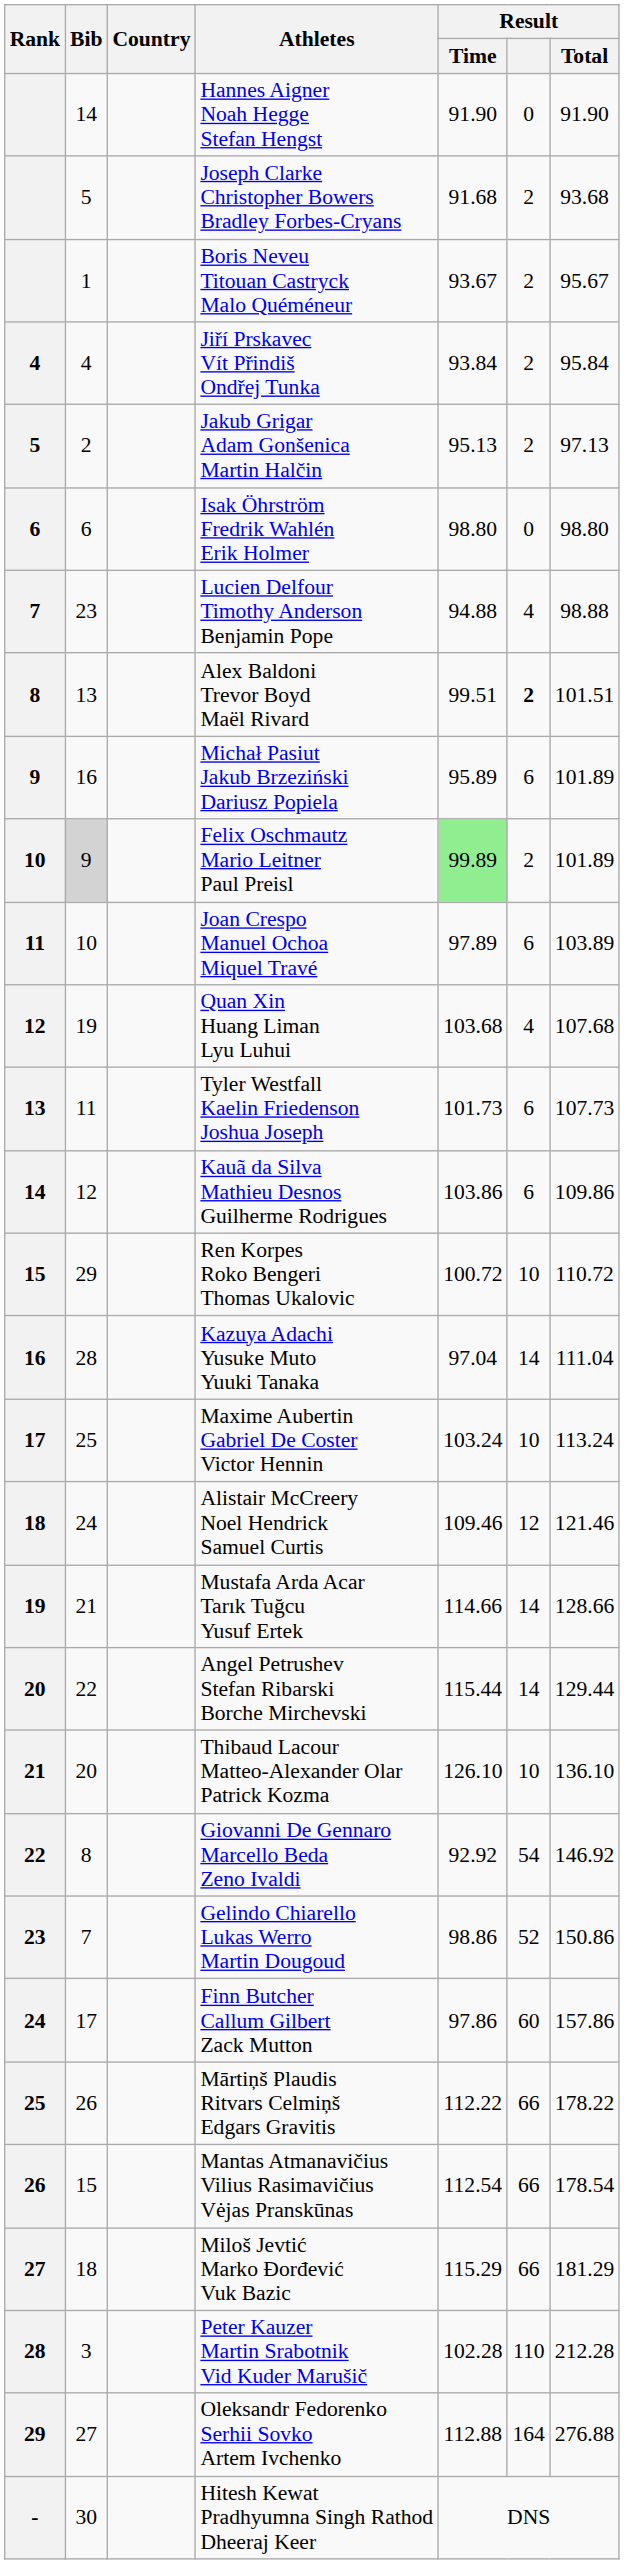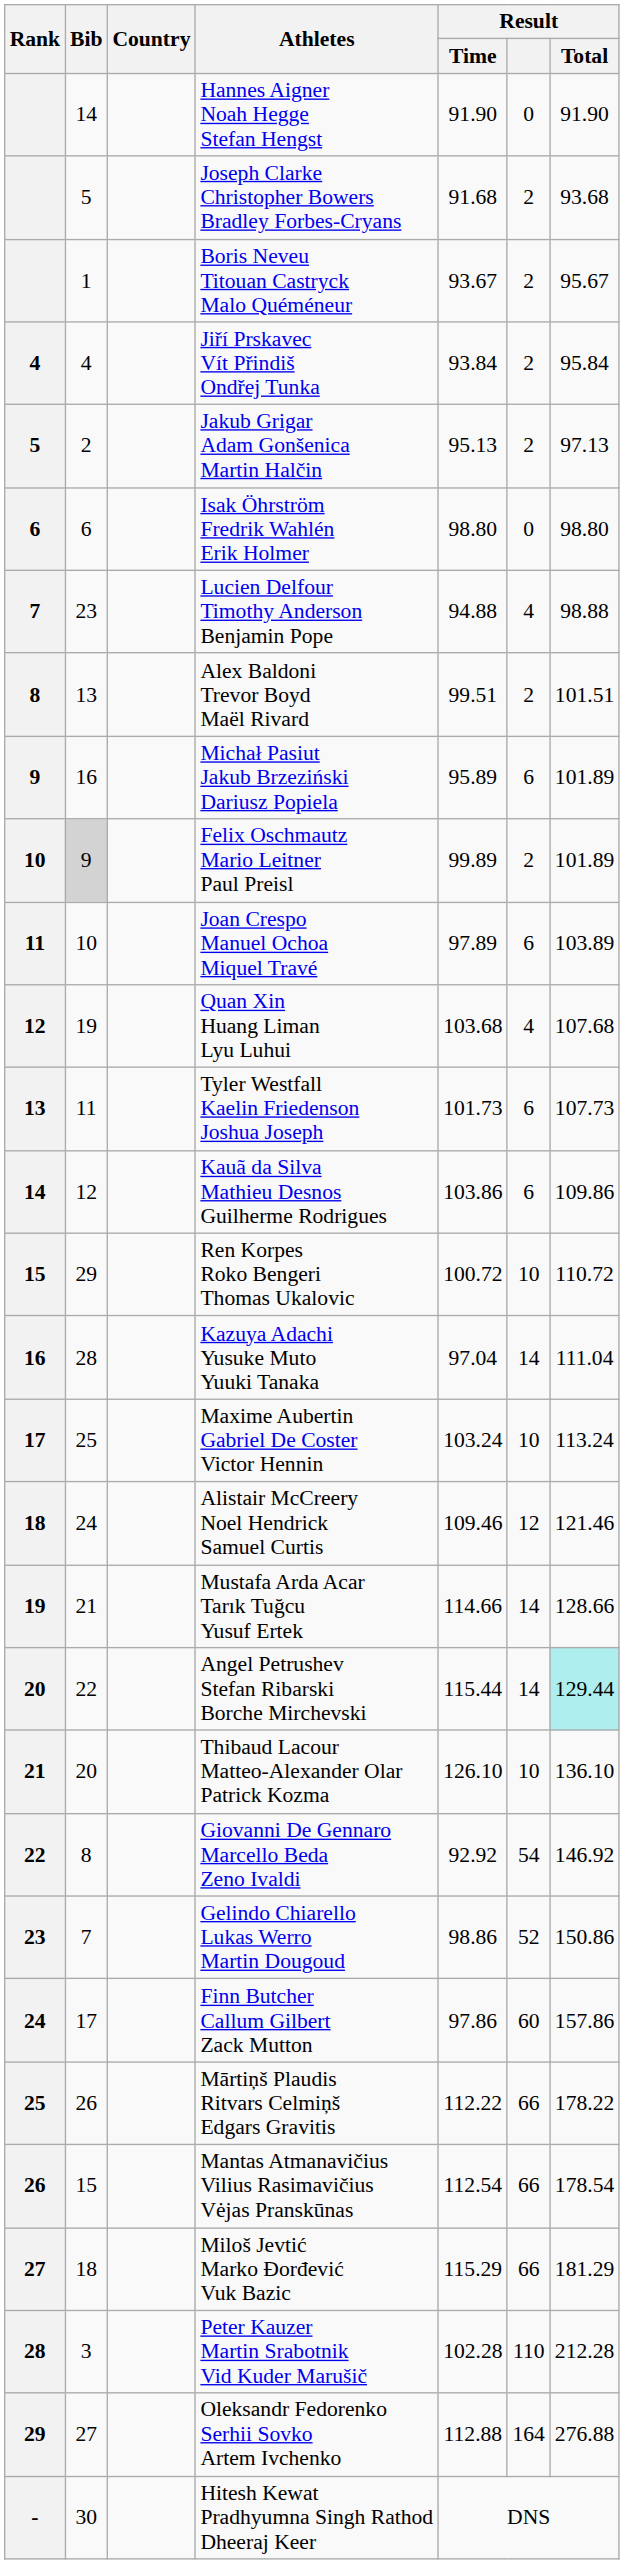 <table class="wikitable" style="text-align:center">
 <tr>
 <th rowspan=2>Rank</th>
 <th rowspan=2>Bib</th>
 <th rowspan=2>Country</th>
 <th rowspan=2>Athletes</th>
 <th colspan=3>Result</th>
 </tr>
 <tr>
 <th>Time</th>
 <th></th>
 <th>Total</th>
 </tr>
 <tr>
 <th></th>
 <td>14</td>
 <td align=left></td>
 <td align=left><a href='#'>Hannes Aigner</a><br><a href='#'>Noah Hegge</a><br><a href='#'>Stefan Hengst</a></td>
 <td>91.90</td>
 <td>0</td>
 <td>91.90</td>
 </tr>
 <tr>
 <th></th>
 <td>5</td>
 <td align=left></td>
 <td align=left><a href='#'>Joseph Clarke</a><br><a href='#'>Christopher Bowers</a><br><a href='#'>Bradley Forbes-Cryans</a></td>
 <td>91.68</td>
 <td>2</td>
 <td>93.68</td>
 </tr>
 <tr>
 <th></th>
 <td>1</td>
 <td align=left></td>
 <td align=left><a href='#'>Boris Neveu</a><br><a href='#'>Titouan Castryck</a><br><a href='#'>Malo Quéméneur</a></td>
 <td>93.67</td>
 <td>2</td>
 <td>95.67</td>
 </tr>
 <tr>
 <th>4</th>
 <td>4</td>
 <td align=left></td>
 <td align=left><a href='#'>Jiří Prskavec</a><br><a href='#'>Vít Přindiš</a><br><a href='#'>Ondřej Tunka</a></td>
 <td>93.84</td>
 <td>2</td>
 <td>95.84</td>
 </tr>
 <tr>
 <th>5</th>
 <td>2</td>
 <td align=left></td>
 <td align=left><a href='#'>Jakub Grigar</a><br><a href='#'>Adam Gonšenica</a><br><a href='#'>Martin Halčin</a></td>
 <td>95.13</td>
 <td>2</td>
 <td>97.13</td>
 </tr>
 <tr>
 <th>6</th>
 <td>6</td>
 <td align=left></td>
 <td align=left><a href='#'>Isak Öhrström</a><br><a href='#'>Fredrik Wahlén</a><br><a href='#'>Erik Holmer</a></td>
 <td>98.80</td>
 <td>0</td>
 <td>98.80</td>
 </tr>
 <tr>
 <th>7</th>
 <td>23</td>
 <td align=left></td>
 <td align=left><a href='#'>Lucien Delfour</a><br><a href='#'>Timothy Anderson</a><br>Benjamin Pope</td>
 <td>94.88</td>
 <td>4</td>
 <td>98.88</td>
 </tr>
 <tr>
 <th>8</th>
 <td>13</td>
 <td align=left></td>
 <td align=left>Alex Baldoni<br>Trevor Boyd<br>Maël Rivard</td>
 <td>99.51</td>
-<td><strong>2</strong></td>
+<td>2</td>
 <td>101.51</td>
 </tr>
 <tr>
 <th>9</th>
 <td>16</td>
 <td align=left></td>
 <td align=left><a href='#'>Michał Pasiut</a><br><a href='#'>Jakub Brzeziński</a><br><a href='#'>Dariusz Popiela</a></td>
 <td>95.89</td>
 <td>6</td>
 <td>101.89</td>
 </tr>
 <tr>
 <th>10</th>
 <td style="background: lightgrey;">9</td>
 <td align=left></td>
 <td align=left><a href='#'>Felix Oschmautz</a><br><a href='#'>Mario Leitner</a><br>Paul Preisl</td>
-<td style="background: lightgreen;">99.89</td>
+<td>99.89</td>
 <td>2</td>
 <td>101.89</td>
 </tr>
 <tr>
 <th>11</th>
 <td>10</td>
 <td align=left></td>
 <td align=left><a href='#'>Joan Crespo</a><br><a href='#'>Manuel Ochoa</a><br><a href='#'>Miquel Travé</a></td>
 <td>97.89</td>
 <td>6</td>
 <td>103.89</td>
 </tr>
 <tr>
 <th>12</th>
 <td>19</td>
 <td align=left></td>
 <td align=left><a href='#'>Quan Xin</a><br>Huang Liman<br>Lyu Luhui</td>
 <td>103.68</td>
 <td>4</td>
 <td>107.68</td>
 </tr>
 <tr>
 <th>13</th>
 <td>11</td>
 <td align=left></td>
 <td align=left>Tyler Westfall<br><a href='#'>Kaelin Friedenson</a><br><a href='#'>Joshua Joseph</a></td>
 <td>101.73</td>
 <td>6</td>
 <td>107.73</td>
 </tr>
 <tr>
 <th>14</th>
 <td>12</td>
 <td align=left></td>
 <td align=left><a href='#'>Kauã da Silva</a><br><a href='#'>Mathieu Desnos</a><br>Guilherme Rodrigues</td>
 <td>103.86</td>
 <td>6</td>
 <td>109.86</td>
 </tr>
 <tr>
 <th>15</th>
 <td>29</td>
 <td align=left></td>
 <td align=left>Ren Korpes<br>Roko Bengeri<br>Thomas Ukalovic</td>
 <td>100.72</td>
 <td>10</td>
 <td>110.72</td>
 </tr>
 <tr>
 <th>16</th>
 <td>28</td>
 <td align=left></td>
 <td align=left><a href='#'>Kazuya Adachi</a><br>Yusuke Muto<br>Yuuki Tanaka</td>
 <td>97.04</td>
 <td>14</td>
 <td>111.04</td>
 </tr>
 <tr>
 <th>17</th>
 <td>25</td>
 <td align=left></td>
 <td align=left>Maxime Aubertin<br><a href='#'>Gabriel De Coster</a><br>Victor Hennin</td>
 <td>103.24</td>
 <td>10</td>
 <td>113.24</td>
 </tr>
 <tr>
 <th>18</th>
 <td>24</td>
 <td align=left></td>
 <td align=left>Alistair McCreery<br>Noel Hendrick<br>Samuel Curtis</td>
 <td>109.46</td>
 <td>12</td>
 <td>121.46</td>
 </tr>
 <tr>
 <th>19</th>
 <td>21</td>
 <td align=left></td>
 <td align=left>Mustafa Arda Acar<br>Tarık Tuğcu<br>Yusuf Ertek</td>
 <td>114.66</td>
 <td>14</td>
 <td>128.66</td>
 </tr>
 <tr>
 <th>20</th>
 <td>22</td>
 <td align=left></td>
 <td align=left>Angel Petrushev<br>Stefan Ribarski<br>Borche Mirchevski</td>
 <td>115.44</td>
 <td>14</td>
-<td>129.44</td>
+<td style="background: paleturquoise;">129.44</td>
 </tr>
 <tr>
 <th>21</th>
 <td>20</td>
 <td align=left></td>
 <td align=left>Thibaud Lacour<br>Matteo-Alexander Olar<br>Patrick Kozma</td>
 <td>126.10</td>
 <td>10</td>
 <td>136.10</td>
 </tr>
 <tr>
 <th>22</th>
 <td>8</td>
 <td align=left></td>
 <td align=left><a href='#'>Giovanni De Gennaro</a><br><a href='#'>Marcello Beda</a><br><a href='#'>Zeno Ivaldi</a></td>
 <td>92.92</td>
 <td>54</td>
 <td>146.92</td>
 </tr>
 <tr>
 <th>23</th>
 <td>7</td>
 <td align=left></td>
 <td align=left><a href='#'>Gelindo Chiarello</a><br><a href='#'>Lukas Werro</a><br><a href='#'>Martin Dougoud</a></td>
 <td>98.86</td>
 <td>52</td>
 <td>150.86</td>
 </tr>
 <tr>
 <th>24</th>
 <td>17</td>
 <td align=left></td>
 <td align=left><a href='#'>Finn Butcher</a><br><a href='#'>Callum Gilbert</a><br>Zack Mutton</td>
 <td>97.86</td>
 <td>60</td>
 <td>157.86</td>
 </tr>
 <tr>
 <th>25</th>
 <td>26</td>
 <td align=left></td>
 <td align=left>Mārtiņš Plaudis<br>Ritvars Celmiņš<br>Edgars Gravitis</td>
 <td>112.22</td>
 <td>66</td>
 <td>178.22</td>
 </tr>
 <tr>
 <th>26</th>
 <td>15</td>
 <td align=left></td>
 <td align=left>Mantas Atmanavičius<br>Vilius Rasimavičius<br>Vėjas Pranskūnas</td>
 <td>112.54</td>
 <td>66</td>
 <td>178.54</td>
 </tr>
 <tr>
 <th>27</th>
 <td>18</td>
 <td align=left></td>
 <td align=left>Miloš Jevtić<br>Marko Đorđević<br>Vuk Bazic</td>
 <td>115.29</td>
 <td>66</td>
 <td>181.29</td>
 </tr>
 <tr>
 <th>28</th>
 <td>3</td>
 <td align=left></td>
 <td align=left><a href='#'>Peter Kauzer</a><br><a href='#'>Martin Srabotnik</a><br><a href='#'>Vid Kuder Marušič</a></td>
 <td>102.28</td>
 <td>110</td>
 <td>212.28</td>
 </tr>
 <tr>
 <th>29</th>
 <td>27</td>
 <td align=left></td>
 <td align=left>Oleksandr Fedorenko<br><a href='#'>Serhii Sovko</a><br>Artem Ivchenko</td>
 <td>112.88</td>
 <td>164</td>
 <td>276.88</td>
 </tr>
 <tr>
 <th>-</th>
 <td>30</td>
 <td align=left></td>
 <td align=left>Hitesh Kewat<br>Pradhyumna Singh Rathod<br>Dheeraj Keer</td>
 <td colspan=3>DNS</td>
 </tr>
 </table>
